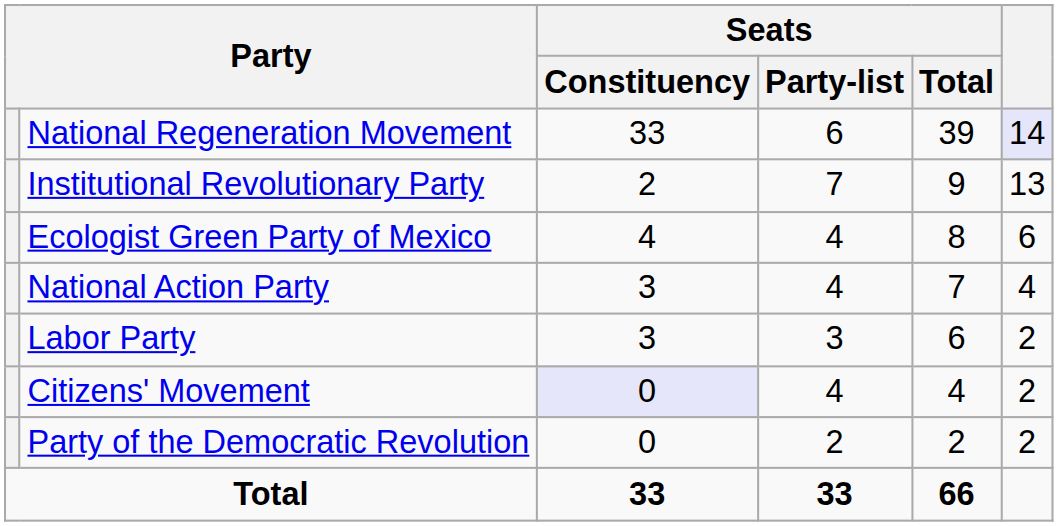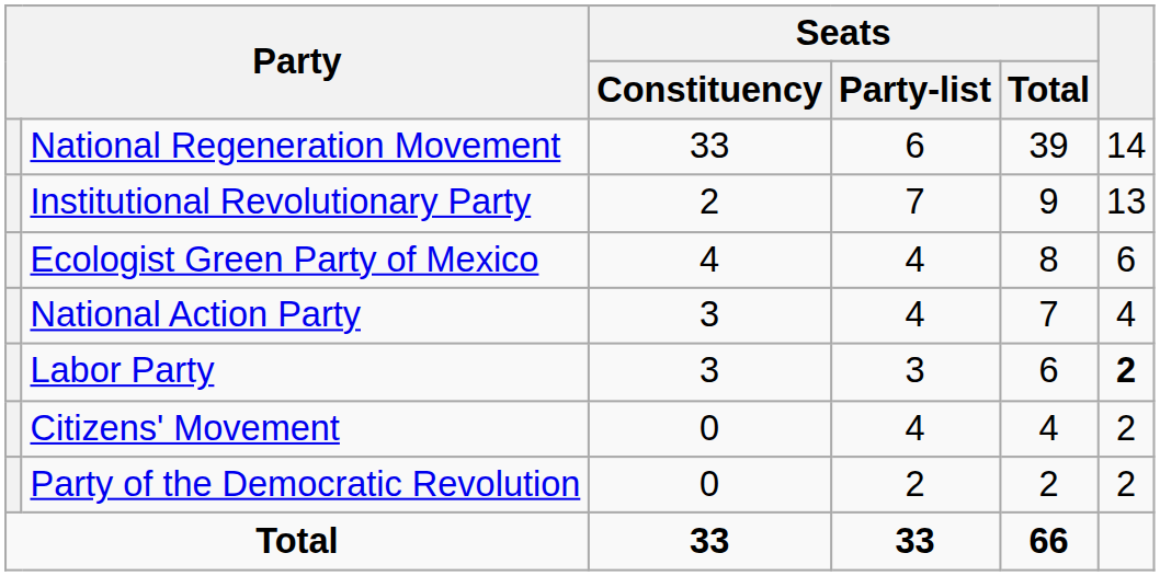 <table class="wikitable" style="text-align:center;">
 <tr>
 <th colspan="2" rowspan="2">Party</th>
 <th colspan="3">Seats</th>
 <th rowspan="2"></th>
 </tr>
 <tr>
 <th style="width:3em"><strong>Constituency</strong></th>
 <th>Party-list</th>
 <th>Total</th>
 </tr>
 <tr>
 <th style="background-color:"></th>
 <td style="text-align:left;"><a href='#'>National Regeneration Movement</a></td>
 <td>33</td>
 <td>6</td>
 <td>39</td>
-<td style="background: lavender;"> 14</td>
+<td> 14</td>
 </tr>
 <tr>
 <th style="background-color:"></th>
 <td style="text-align:left;"><a href='#'>Institutional Revolutionary Party</a></td>
 <td>2</td>
 <td>7</td>
 <td>9</td>
 <td> 13</td>
 </tr>
 <tr>
 <th style="background-color:"></th>
 <td style="text-align:left;"><a href='#'>Ecologist Green Party of Mexico</a></td>
 <td>4</td>
 <td>4</td>
 <td>8</td>
 <td> 6</td>
 </tr>
 <tr>
 <th style="background-color:"></th>
 <td style="text-align:left;"><a href='#'>National Action Party</a></td>
 <td>3</td>
 <td>4</td>
 <td>7</td>
 <td> 4</td>
 </tr>
 <tr>
 <th style="background-color:"></th>
 <td style="text-align:left;"><a href='#'>Labor Party</a></td>
 <td>3</td>
 <td>3</td>
 <td>6</td>
-<td> 2</td>
+<td><strong> 2</strong></td>
 </tr>
 <tr>
 <th style="background-color:"></th>
 <td style="text-align:left;"><a href='#'>Citizens' Movement</a></td>
-<td style="background: lavender;">0</td>
+<td>0</td>
 <td>4</td>
 <td>4</td>
 <td> 2</td>
 </tr>
 <tr>
 <th style="background-color:"></th>
 <td style="text-align:left;"><a href='#'>Party of the Democratic Revolution</a></td>
 <td>0</td>
 <td>2</td>
 <td>2</td>
 <td> 2</td>
 </tr>
 <tr>
 <td colspan="2"><strong>Total</strong></td>
 <td><strong>33</strong></td>
 <td><strong>33</strong></td>
 <td><strong>66</strong></td>
 <td></td>
 </tr>
 </table>
